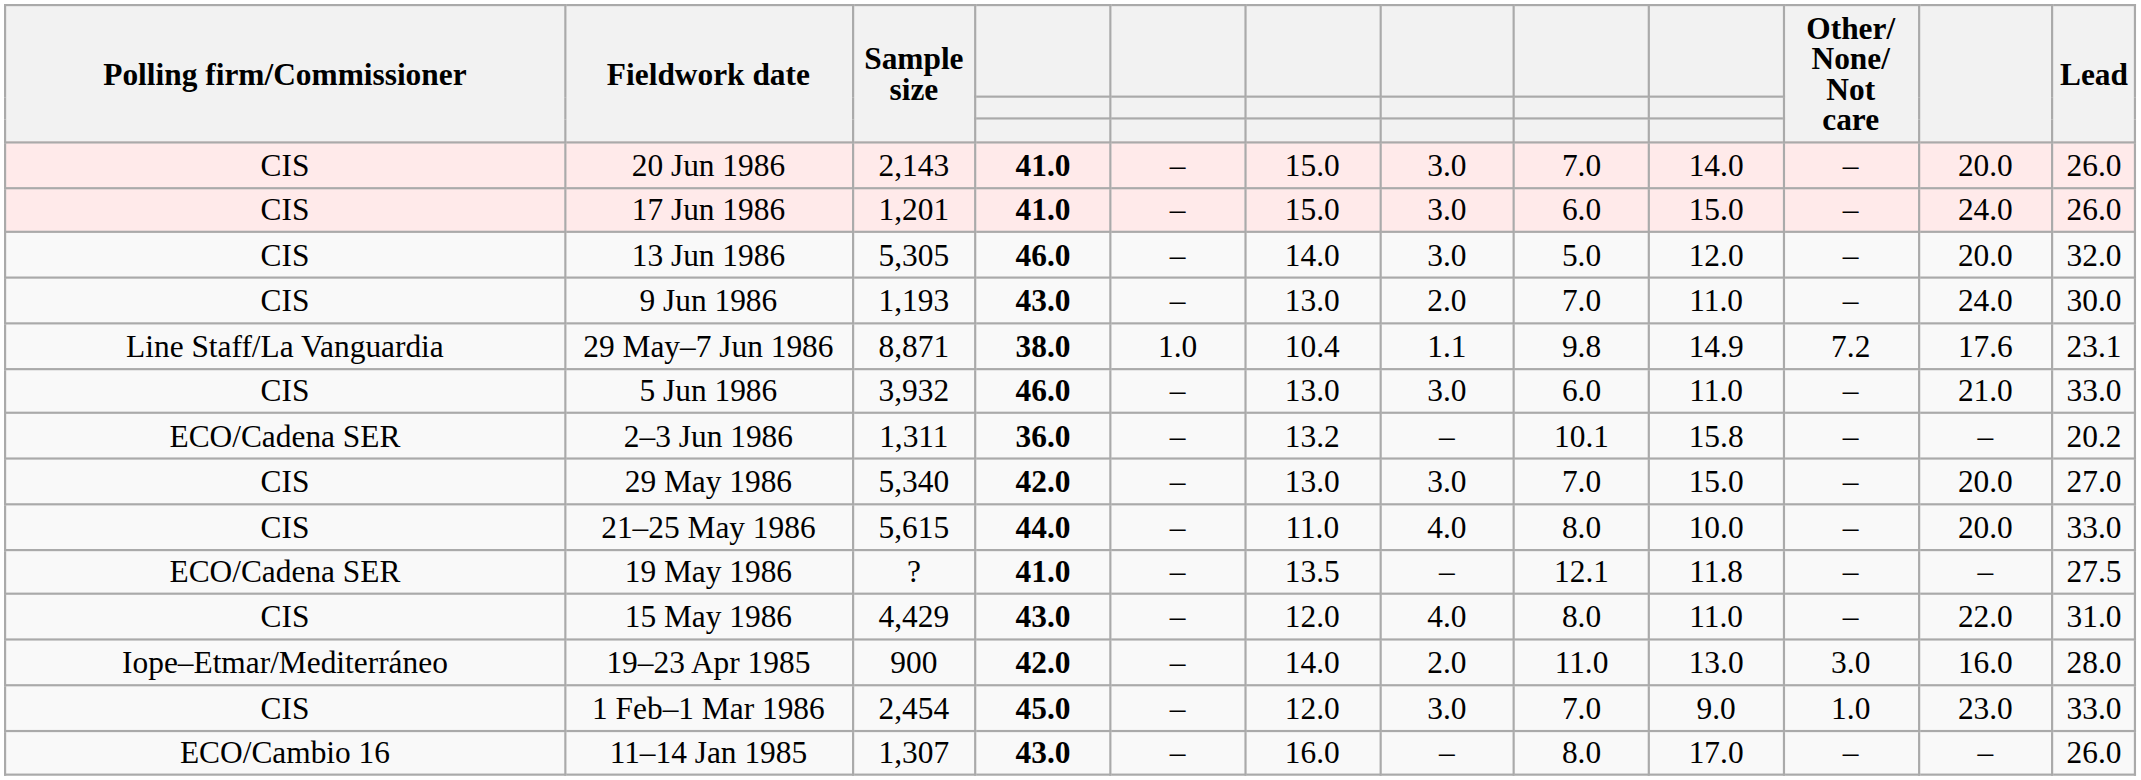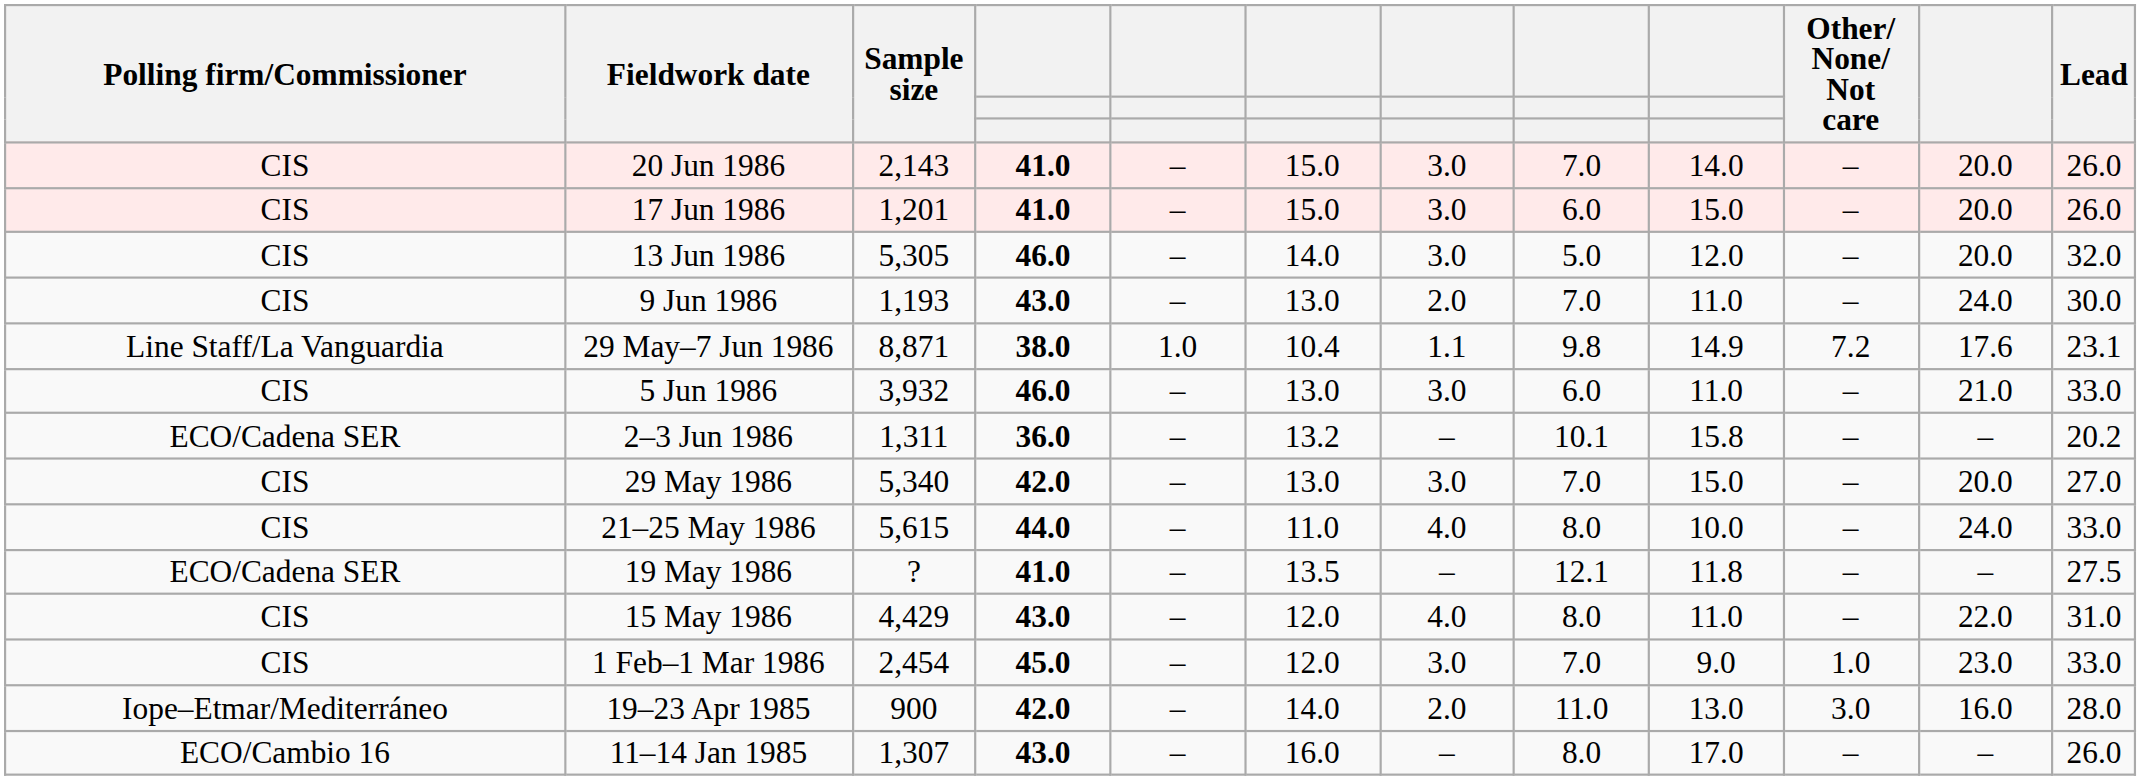 <table class="wikitable collapsible collapsed" style="text-align:center; font-size:90%; line-height:14px;">
 <tr style="height:42px;">
 <th style="width:250px;" rowspan="3">Polling firm/Commissioner</th>
 <th style="width:125px;" rowspan="3">Fieldwork date</th>
 <th style="width:50px;" rowspan="3">Sample size</th>
 <th style="width:55px;"></th>
 <th style="width:55px;"></th>
 <th style="width:55px;"></th>
 <th style="width:55px;"></th>
 <th style="width:55px;"></th>
 <th style="width:55px;"></th>
 <th style="width:55px;" rowspan="3">Other/<br>None/<br>Not<br>care</th>
 <th style="width:55px;" rowspan="3"></th>
 <th style="width:30px;" rowspan="3">Lead</th>
 </tr>
 <tr>
 <th style="color:inherit;background:"></th>
 <th style="color:inherit;background:"></th>
 <th style="color:inherit;background:"></th>
 <th style="color:inherit;background:"></th>
 <th style="color:inherit;background:"></th>
 <th style="color:inherit;background:"></th>
 </tr>
 <tr>
 <th></th>
 <th></th>
 <th></th>
 <th></th>
 <th></th>
 <th></th>
 </tr>
 <tr style="background:#FFEAEA;">
 <td>CIS</td>
 <td>20 Jun 1986</td>
 <td>2,143</td>
 <td><strong>41.0</strong></td>
 <td>–</td>
 <td>15.0</td>
 <td>3.0</td>
 <td>7.0</td>
 <td>14.0</td>
 <td>–</td>
 <td>20.0</td>
 <td style="background:">26.0</td>
 </tr>
 <tr style="background:#FFEAEA;">
 <td>CIS</td>
 <td>17 Jun 1986</td>
 <td>1,201</td>
 <td><strong>41.0</strong></td>
 <td>–</td>
 <td>15.0</td>
 <td>3.0</td>
 <td>6.0</td>
 <td>15.0</td>
 <td>–</td>
-<td>24.0</td>
+<td>20.0</td>
 <td style="background:">26.0</td>
 </tr>
 <tr>
 <td>CIS</td>
 <td>13 Jun 1986</td>
 <td>5,305</td>
 <td><strong>46.0</strong></td>
 <td>–</td>
 <td>14.0</td>
 <td>3.0</td>
 <td>5.0</td>
 <td>12.0</td>
 <td>–</td>
 <td>20.0</td>
 <td style="background:">32.0</td>
 </tr>
 <tr>
 <td>CIS</td>
 <td>9 Jun 1986</td>
 <td>1,193</td>
 <td><strong>43.0</strong></td>
 <td>–</td>
 <td>13.0</td>
 <td>2.0</td>
 <td>7.0</td>
 <td>11.0</td>
 <td>–</td>
 <td>24.0</td>
 <td style="background:">30.0</td>
 </tr>
 <tr>
 <td>Line Staff/La Vanguardia</td>
 <td>29 May–7 Jun 1986</td>
 <td>8,871</td>
 <td><strong>38.0</strong></td>
 <td>1.0</td>
 <td>10.4</td>
 <td>1.1</td>
 <td>9.8</td>
 <td>14.9</td>
 <td>7.2</td>
 <td>17.6</td>
 <td style="background:">23.1</td>
 </tr>
 <tr>
 <td>CIS</td>
 <td>5 Jun 1986</td>
 <td>3,932</td>
 <td><strong>46.0</strong></td>
 <td>–</td>
 <td>13.0</td>
 <td>3.0</td>
 <td>6.0</td>
 <td>11.0</td>
 <td>–</td>
 <td>21.0</td>
 <td style="background:">33.0</td>
 </tr>
 <tr>
 <td>ECO/Cadena SER</td>
 <td>2–3 Jun 1986</td>
 <td>1,311</td>
 <td><strong>36.0</strong></td>
 <td>–</td>
 <td>13.2</td>
 <td>–</td>
 <td>10.1</td>
 <td>15.8</td>
 <td>–</td>
 <td>–</td>
 <td style="background:">20.2</td>
 </tr>
 <tr>
 <td>CIS</td>
 <td>29 May 1986</td>
 <td>5,340</td>
 <td><strong>42.0</strong></td>
 <td>–</td>
 <td>13.0</td>
 <td>3.0</td>
 <td>7.0</td>
 <td>15.0</td>
 <td>–</td>
 <td>20.0</td>
 <td style="background:">27.0</td>
 </tr>
 <tr>
 <td>CIS</td>
 <td>21–25 May 1986</td>
 <td>5,615</td>
 <td><strong>44.0</strong></td>
 <td>–</td>
 <td>11.0</td>
 <td>4.0</td>
 <td>8.0</td>
 <td>10.0</td>
 <td>–</td>
-<td>20.0</td>
+<td>24.0</td>
 <td style="background:">33.0</td>
 </tr>
 <tr>
 <td>ECO/Cadena SER</td>
 <td>19 May 1986</td>
 <td>?</td>
 <td><strong>41.0</strong></td>
 <td>–</td>
 <td>13.5</td>
 <td>–</td>
 <td>12.1</td>
 <td>11.8</td>
 <td>–</td>
 <td>–</td>
 <td style="background:">27.5</td>
 </tr>
 <tr>
 <td>CIS</td>
 <td>15 May 1986</td>
 <td>4,429</td>
 <td><strong>43.0</strong></td>
 <td>–</td>
 <td>12.0</td>
 <td>4.0</td>
 <td>8.0</td>
 <td>11.0</td>
 <td>–</td>
 <td>22.0</td>
 <td style="background:">31.0</td>
 </tr>
 <tr>
+<td>CIS</td>
+<td>1 Feb–1 Mar 1986</td>
+<td>2,454</td>
+<td><strong>45.0</strong></td>
+<td>–</td>
+<td>12.0</td>
+<td>3.0</td>
+<td>7.0</td>
+<td>9.0</td>
+<td>1.0</td>
+<td>23.0</td>
+<td style="background:">33.0</td>
+</tr>
+<tr>
 <td>Iope–Etmar/Mediterráneo</td>
 <td>19–23 Apr 1985</td>
 <td>900</td>
 <td><strong>42.0</strong></td>
 <td>–</td>
 <td>14.0</td>
 <td>2.0</td>
 <td>11.0</td>
 <td>13.0</td>
 <td>3.0</td>
 <td>16.0</td>
 <td style="background:">28.0</td>
-</tr>
-<tr>
-<td>CIS</td>
-<td>1 Feb–1 Mar 1986</td>
-<td>2,454</td>
-<td><strong>45.0</strong></td>
-<td>–</td>
-<td>12.0</td>
-<td>3.0</td>
-<td>7.0</td>
-<td>9.0</td>
-<td>1.0</td>
-<td>23.0</td>
-<td style="background:">33.0</td>
 </tr>
 <tr>
 <td>ECO/Cambio 16</td>
 <td>11–14 Jan 1985</td>
 <td>1,307</td>
 <td><strong>43.0</strong></td>
 <td>–</td>
 <td>16.0</td>
 <td>–</td>
 <td>8.0</td>
 <td>17.0</td>
 <td>–</td>
 <td>–</td>
 <td style="background:">26.0</td>
 </tr>
 </table>
